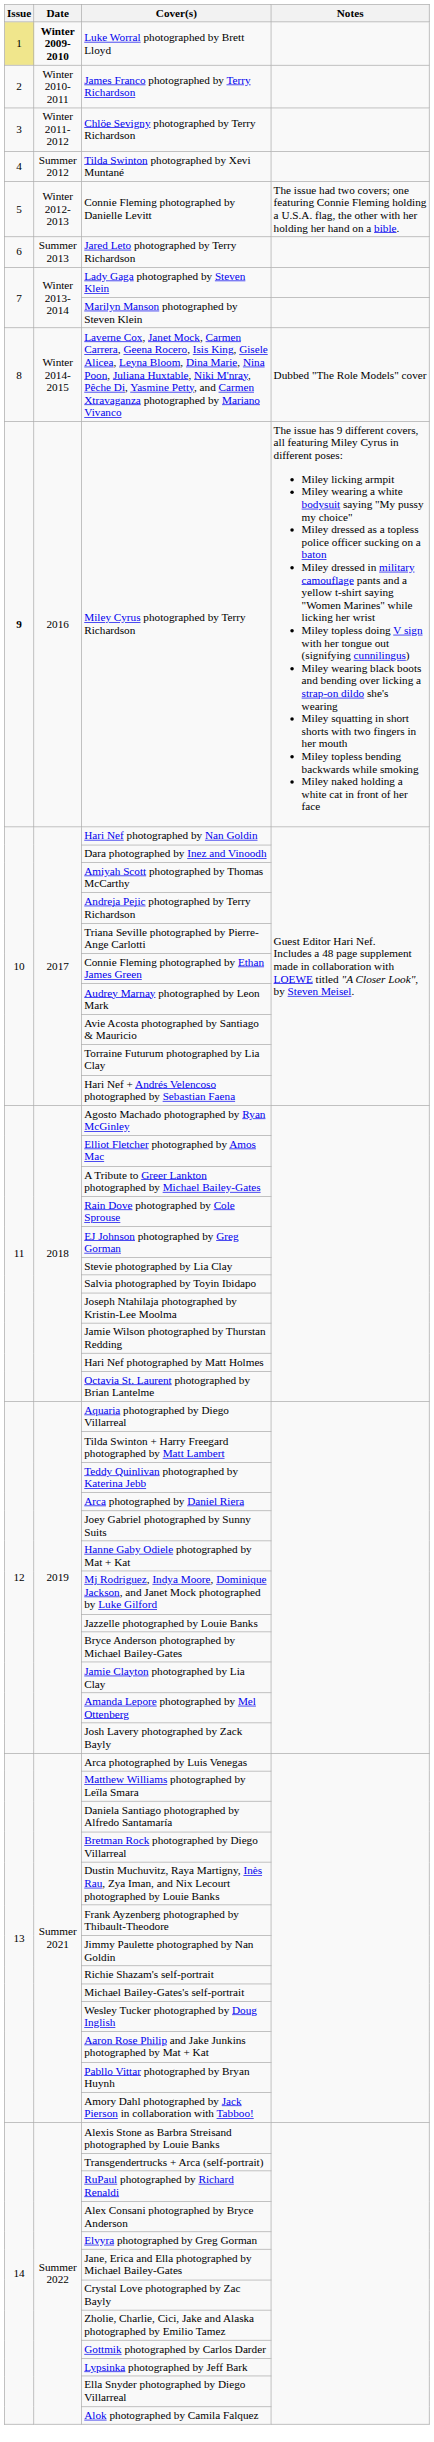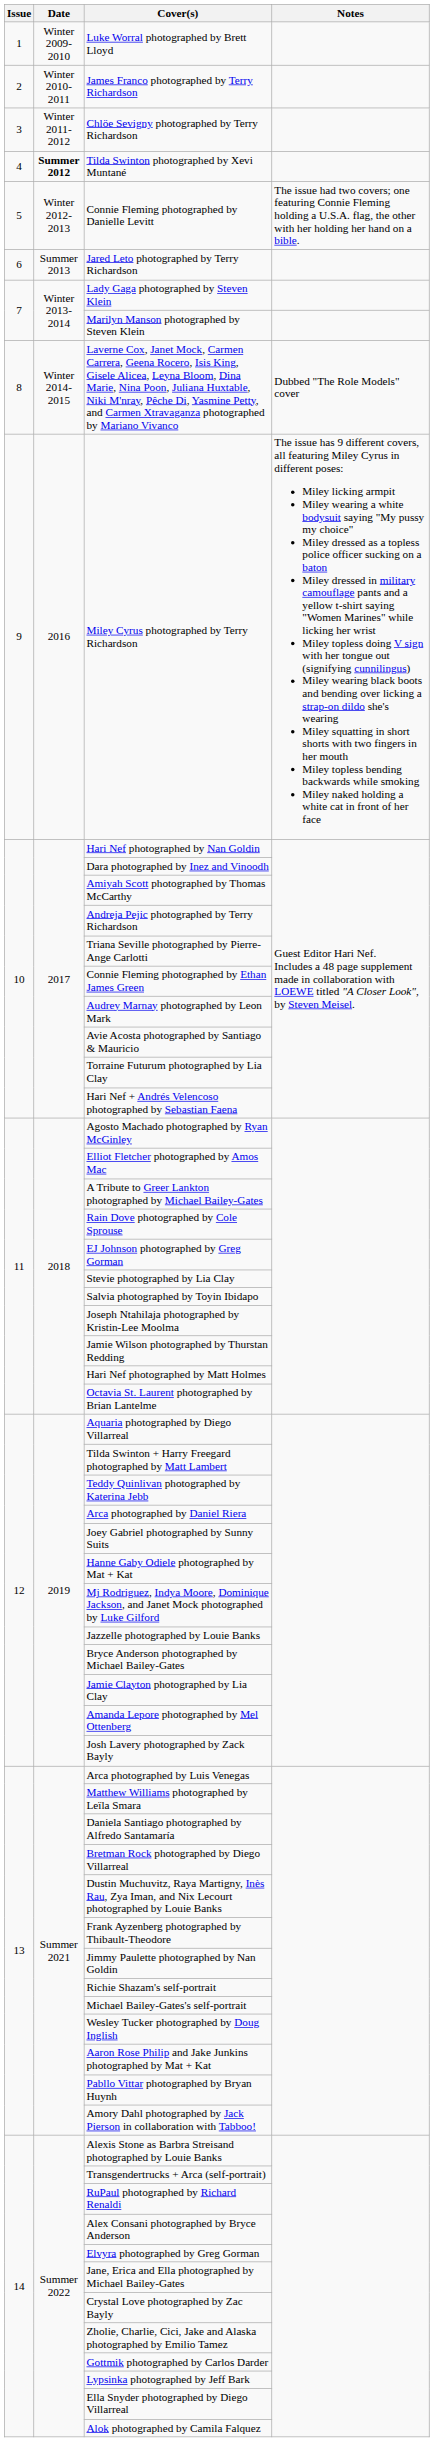 <table class="wikitable plainrowheaders;">
 <tr>
 <th scope="col" rowspan="1">Issue</th>
 <th scope="col" rowspan="1">Date</th>
 <th scope="col" rowspan="1">Cover(s)</th>
 <th scope="col" rowspan="1">Notes<br></th>
 </tr>
 <tr>
-<td style="background: khaki; text-align:center;">1</td>
-<td style="text-align:center;"><strong>Winter 2009-2010</strong></td>
+<td style="text-align:center;">1</td>
+<td style="text-align:center;">Winter 2009-2010</td>
 <td><a href='#'>Luke Worral</a> photographed by Brett Lloyd</td>
 <td><br></td>
 </tr>
 <tr>
 <td style="text-align:center;">2</td>
 <td style="text-align:center;">Winter 2010-2011</td>
 <td><a href='#'>James Franco</a> photographed by <a href='#'>Terry Richardson</a></td>
 <td><br></td>
 </tr>
 <tr>
 <td style="text-align:center;">3</td>
 <td style="text-align:center;">Winter 2011-2012</td>
 <td><a href='#'>Chlöe Sevigny</a> photographed by Terry Richardson</td>
 <td><br></td>
 </tr>
 <tr>
 <td style="text-align:center;">4</td>
-<td style="text-align:center;">Summer 2012</td>
+<td style="text-align:center;"><strong>Summer 2012</strong></td>
 <td><a href='#'>Tilda Swinton</a> photographed by Xevi Muntané</td>
 <td><br></td>
 </tr>
 <tr>
 <td style="text-align:center;">5</td>
 <td style="text-align:center;">Winter 2012-2013</td>
 <td>Connie Fleming photographed by Danielle Levitt</td>
 <td>The issue had two covers; one featuring Connie Fleming holding a U.S.A. flag, the other with her holding her hand on a <a href='#'>bible</a>.<br></td>
 </tr>
 <tr>
 <td style="text-align:center;">6</td>
 <td style="text-align:center;">Summer 2013</td>
 <td><a href='#'>Jared Leto</a> photographed by Terry Richardson</td>
 <td><br></td>
 </tr>
 <tr>
 <td rowspan="2" style="text-align:center;">7</td>
 <td rowspan="2" style="text-align:center;">Winter 2013-2014</td>
 <td><a href='#'>Lady Gaga</a>  photographed by <a href='#'>Steven Klein</a></td>
 <td></td>
 </tr>
 <tr>
 <td><a href='#'>Marilyn Manson</a> photographed by Steven Klein</td>
 <td><br></td>
 </tr>
 <tr>
 <td style="text-align:center;">8</td>
 <td style="text-align:center;">Winter 2014-2015</td>
 <td><a href='#'>Laverne Cox</a>, <a href='#'>Janet Mock</a>, <a href='#'>Carmen Carrera</a>, <a href='#'>Geena Rocero</a>, <a href='#'>Isis King</a>, <a href='#'>Gisele Alicea</a>, <a href='#'>Leyna Bloom</a>, <a href='#'>Dina Marie</a>, <a href='#'>Nina Poon</a>, <a href='#'>Juliana Huxtable</a>, <a href='#'>Niki M'nray</a>, <a href='#'>Pêche Di</a>, <a href='#'>Yasmine Petty</a>, and <a href='#'>Carmen Xtravaganza</a> photographed by <a href='#'>Mariano Vivanco</a></td>
 <td>Dubbed "The Role Models" cover<br></td>
 </tr>
 <tr>
-<td style="text-align:center;"><strong>9</strong></td>
+<td style="text-align:center;">9</td>
 <td style="text-align:center;">2016</td>
 <td><a href='#'>Miley Cyrus</a> photographed by Terry Richardson</td>
 <td>The issue has 9 different covers, all featuring Miley Cyrus in different poses:<br><ul><li>Miley licking armpit</li><li>Miley wearing a white <a href='#'>bodysuit</a> saying "My pussy my choice"</li><li>Miley dressed as a topless police officer sucking on a <a href='#'>baton</a></li><li>Miley dressed in <a href='#'>military camouflage</a> pants and a yellow t-shirt saying "Women Marines" while licking her wrist</li><li>Miley topless doing <a href='#'>V sign</a> with her tongue out (signifying <a href='#'>cunnilingus</a>)</li><li>Miley wearing black boots and bending over licking a <a href='#'>strap-on dildo</a> she's wearing</li><li>Miley squatting in short shorts with two fingers in her mouth</li><li>Miley topless bending backwards while smoking</li><li>Miley naked holding a white cat in front of her face</li></ul></td>
 </tr>
 <tr>
 <td rowspan="10" style="text-align:center;">10</td>
 <td rowspan="10" style="text-align:center;">2017</td>
 <td><a href='#'>Hari Nef</a> photographed by <a href='#'>Nan Goldin</a></td>
 <td rowspan="10">Guest Editor Hari Nef. <br> Includes a 48 page supplement made in collaboration with <a href='#'>LOEWE</a> titled <em>"A Closer Look"</em>, by <a href='#'>Steven Meisel</a>.</td>
 </tr>
 <tr>
 <td>Dara photographed by <a href='#'>Inez and Vinoodh</a></td>
 </tr>
 <tr>
 <td><a href='#'>Amiyah Scott</a> photographed by Thomas McCarthy</td>
 </tr>
 <tr>
 <td><a href='#'>Andreja Pejic</a> photographed by Terry Richardson</td>
 </tr>
 <tr>
 <td>Triana Seville photographed by Pierre-Ange Carlotti</td>
 </tr>
 <tr>
 <td>Connie Fleming photographed by <a href='#'>Ethan James Green</a></td>
 </tr>
 <tr>
 <td><a href='#'>Audrey Marnay</a> photographed by Leon Mark</td>
 </tr>
 <tr>
 <td>Avie Acosta photographed by Santiago & Mauricio</td>
 </tr>
 <tr>
 <td>Torraine Futurum photographed by Lia Clay</td>
 </tr>
 <tr>
 <td>Hari Nef + <a href='#'>Andrés Velencoso</a> photographed by <a href='#'>Sebastian Faena</a><br></td>
 </tr>
 <tr>
 <td rowspan="11" style="text-align:center;">11</td>
 <td rowspan="11" style="text-align:center;">2018</td>
 <td>Agosto Machado photographed by <a href='#'>Ryan McGinley</a></td>
 <td rowspan="11"></td>
 </tr>
 <tr>
 <td><a href='#'>Elliot Fletcher</a> photographed by <a href='#'>Amos Mac</a></td>
 </tr>
 <tr>
 <td>A Tribute to <a href='#'>Greer Lankton</a> photographed by <a href='#'>Michael Bailey-Gates</a></td>
 </tr>
 <tr>
 <td><a href='#'>Rain Dove</a> photographed by <a href='#'>Cole Sprouse</a></td>
 </tr>
 <tr>
 <td><a href='#'>EJ Johnson</a> photographed by <a href='#'>Greg Gorman</a></td>
 </tr>
 <tr>
 <td>Stevie photographed by Lia Clay</td>
 </tr>
 <tr>
 <td>Salvia photographed by Toyin Ibidapo</td>
 </tr>
 <tr>
 <td>Joseph Ntahilaja photographed by Kristin-Lee Moolma</td>
 </tr>
 <tr>
 <td>Jamie Wilson photographed by Thurstan Redding</td>
 </tr>
 <tr>
 <td>Hari Nef photographed by Matt Holmes</td>
 </tr>
 <tr>
 <td><a href='#'>Octavia St. Laurent</a> photographed by Brian Lantelme<br></td>
 </tr>
 <tr>
 <td rowspan="12" style="text-align:center;">12</td>
 <td rowspan="12" style="text-align:center;">2019</td>
 <td><a href='#'>Aquaria</a> photographed by Diego Villarreal</td>
 <td rowspan="12"></td>
 </tr>
 <tr>
 <td>Tilda Swinton + Harry Freegard photographed by <a href='#'>Matt Lambert</a></td>
 </tr>
 <tr>
 <td><a href='#'>Teddy Quinlivan</a> photographed by <a href='#'>Katerina Jebb</a></td>
 </tr>
 <tr>
 <td><a href='#'>Arca</a> photographed by <a href='#'>Daniel Riera</a></td>
 </tr>
 <tr>
 <td>Joey Gabriel photographed by Sunny Suits</td>
 </tr>
 <tr>
 <td><a href='#'>Hanne Gaby Odiele</a> photographed by Mat + Kat</td>
 </tr>
 <tr>
 <td><a href='#'>Mj Rodriguez</a>, <a href='#'>Indya Moore</a>, <a href='#'>Dominique Jackson</a>, and Janet Mock photographed by <a href='#'>Luke Gilford</a></td>
 </tr>
 <tr>
 <td>Jazzelle photographed by Louie Banks</td>
 </tr>
 <tr>
 <td>Bryce Anderson photographed by Michael Bailey-Gates</td>
 </tr>
 <tr>
 <td><a href='#'>Jamie Clayton</a> photographed by Lia Clay</td>
 </tr>
 <tr>
 <td><a href='#'>Amanda Lepore</a> photographed by <a href='#'>Mel Ottenberg</a></td>
 </tr>
 <tr>
 <td>Josh Lavery photographed by Zack Bayly<br></td>
 </tr>
 <tr>
 <td rowspan="13" style="text-align:center;">13</td>
 <td rowspan="13" style="text-align:center;">Summer 2021</td>
 <td>Arca photographed by Luis Venegas</td>
 <td rowspan="13"></td>
 </tr>
 <tr>
 <td><a href='#'>Matthew Williams</a> photographed by Leïla Smara</td>
 </tr>
 <tr>
 <td>Daniela Santiago photographed by Alfredo Santamaría</td>
 </tr>
 <tr>
 <td><a href='#'>Bretman Rock</a> photographed by Diego Villarreal</td>
 </tr>
 <tr>
 <td>Dustin Muchuvitz, Raya Martigny, <a href='#'>Inès Rau</a>, Zya Iman, and Nix Lecourt photographed by Louie Banks</td>
 </tr>
 <tr>
 <td>Frank Ayzenberg photographed by Thibault-Theodore</td>
 </tr>
 <tr>
 <td>Jimmy Paulette photographed by Nan Goldin</td>
 </tr>
 <tr>
 <td>Richie Shazam's self-portrait</td>
 </tr>
 <tr>
 <td>Michael Bailey-Gates's self-portrait</td>
 </tr>
 <tr>
 <td>Wesley Tucker photographed by <a href='#'>Doug Inglish</a></td>
 </tr>
 <tr>
 <td><a href='#'>Aaron Rose Philip</a> and Jake Junkins photographed by Mat + Kat</td>
 </tr>
 <tr>
 <td><a href='#'>Pabllo Vittar</a> photographed by Bryan Huynh</td>
 </tr>
 <tr>
 <td>Amory Dahl photographed by <a href='#'>Jack Pierson</a> in collaboration with <a href='#'>Tabboo!</a><br></td>
 </tr>
 <tr>
 <td rowspan="12" style="text-align:center;">14</td>
 <td rowspan="12" style="text-align:center;">Summer 2022</td>
 <td>Alexis Stone as Barbra Streisand photographed by Louie Banks</td>
 <td rowspan="12"></td>
 </tr>
 <tr>
 <td>Transgendertrucks + Arca (self-portrait)</td>
 </tr>
 <tr>
 <td><a href='#'>RuPaul</a> photographed by <a href='#'>Richard Renaldi</a></td>
 </tr>
 <tr>
 <td>Alex Consani photographed by Bryce Anderson</td>
 </tr>
 <tr>
 <td><a href='#'>Elvyra</a> photographed by Greg Gorman</td>
 </tr>
 <tr>
 <td>Jane, Erica and Ella photographed by Michael Bailey-Gates</td>
 </tr>
 <tr>
 <td>Crystal Love photographed by Zac Bayly</td>
 </tr>
 <tr>
 <td>Zholie, Charlie, Cici, Jake and Alaska photographed by Emilio Tamez</td>
 </tr>
 <tr>
 <td><a href='#'>Gottmik</a> photographed by Carlos Darder</td>
 </tr>
 <tr>
 <td><a href='#'>Lypsinka</a> photographed by Jeff Bark</td>
 </tr>
 <tr>
 <td>Ella Snyder photographed by Diego Villarreal</td>
 </tr>
 <tr>
 <td><a href='#'>Alok</a> photographed by Camila Falquez</td>
 </tr>
 </table>
